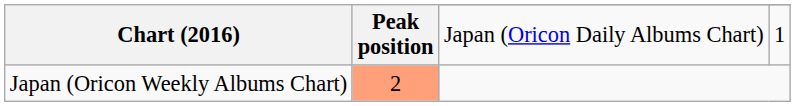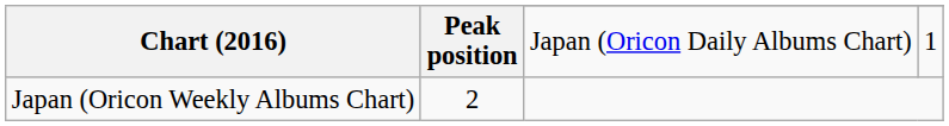 <table class="wikitable sortable" border="1">
 <tr>
 <th rowspan="2">Chart (2016)</th>
 <th rowspan="2">Peak<br>position</th>
 </tr>
 <tr>
 <td>Japan (<a href='#'>Oricon</a> Daily Albums Chart)</td>
 <td style="text-align:center;">1</td>
 </tr>
 <tr>
 <td>Japan (Oricon Weekly Albums Chart)</td>
-<td style="background: lightsalmon; text-align:center;">2</td>
+<td style="text-align:center;">2</td>
 </tr>
 </table>
